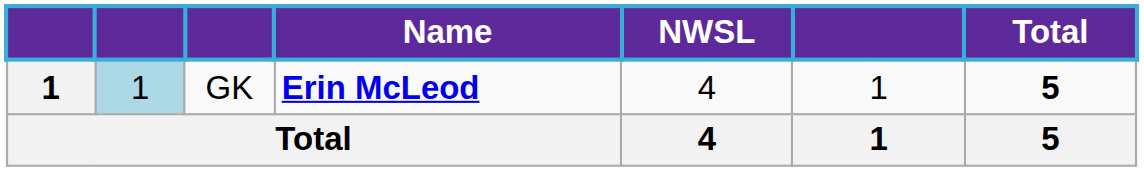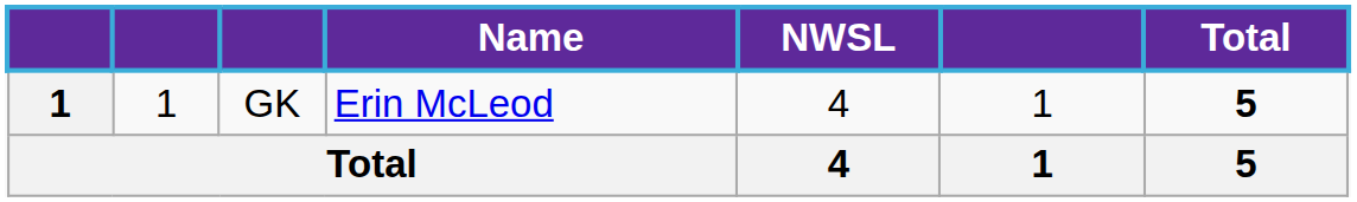 <table class="wikitable" style="text-align:center;">
 <tr>
 <th style="background:#5E299A; color:white; border:2px solid #3aadd9; width:35px;"></th>
 <th style="background:#5E299A; color:white; border:2px solid #3aadd9; width:35px;"></th>
 <th style="background:#5E299A; color:white; border:2px solid #3aadd9; width:35px;"></th>
 <th style="background:#5E299A; color:white; border:2px solid #3aadd9; width:160px;">Name</th>
 <th style="background:#5E299A; color:white; border:2px solid #3aadd9; width:75px;">NWSL</th>
 <th style="background:#5E299A; color:white; border:2px solid #3aadd9; width:75px;"></th>
 <th style="background:#5E299A; color:white; border:2px solid #3aadd9; width:75px;">Total</th>
 </tr>
 <tr>
 <th>1</th>
-<td style="background: lightblue;">1</td>
+<td>1</td>
 <td>GK</td>
-<td align="left"><strong> <a href='#'>Erin McLeod</a></strong></td>
+<td align="left"> <a href='#'>Erin McLeod</a></td>
 <td>4</td>
 <td>1</td>
 <td><strong>5</strong></td>
 </tr>
 <tr>
 <th colspan="4">Total</th>
 <th>4</th>
 <th>1</th>
 <th>5</th>
 </tr>
 </table>
